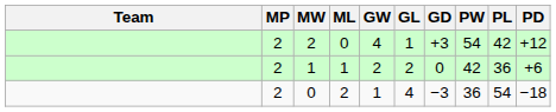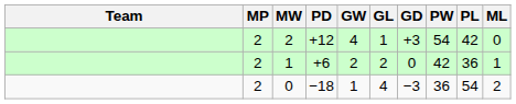 <table class=wikitable style="text-align:center">
 <tr>
 <th width=250>Team</th>
 <th width=20>MP</th>
 <th width=20>MW</th>
-<th width=20>ML</th>
+<th width=20>PD</th>
 <th width=20>GW</th>
 <th width=20>GL</th>
 <th width=20>GD</th>
 <th width=20>PW</th>
 <th width=20>PL</th>
-<th width=20>PD</th>
+<th width=20>ML</th>
 </tr>
 <tr style="background:#cfc;">
 <td align=left><br></td>
 <td>2</td>
 <td>2</td>
-<td>0</td>
+<td>+12</td>
 <td>4</td>
 <td>1</td>
 <td>+3</td>
 <td>54</td>
 <td>42</td>
-<td>+12</td>
+<td>0</td>
 </tr>
 <tr style="background:#cfc;">
 <td align=left><br></td>
 <td>2</td>
 <td>1</td>
-<td>1</td>
+<td>+6</td>
 <td>2</td>
 <td>2</td>
 <td>0</td>
 <td>42</td>
 <td>36</td>
-<td>+6</td>
+<td>1</td>
 </tr>
 <tr>
 <td align=left><br></td>
 <td>2</td>
 <td>0</td>
-<td>2</td>
+<td>−18</td>
 <td>1</td>
 <td>4</td>
 <td>−3</td>
 <td>36</td>
 <td>54</td>
-<td>−18</td>
+<td>2</td>
 </tr>
 </table>
